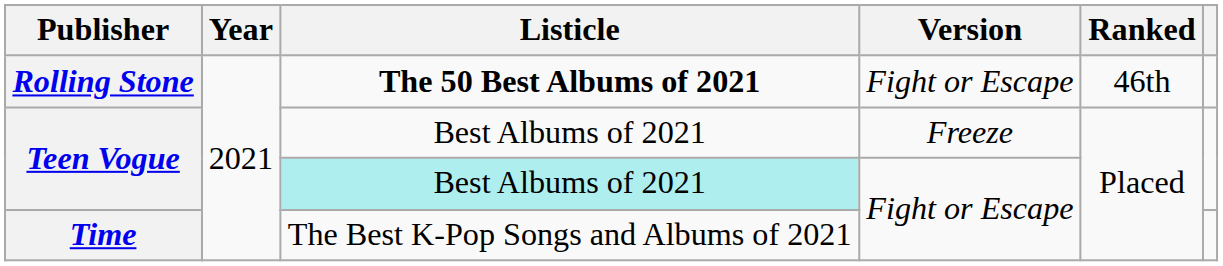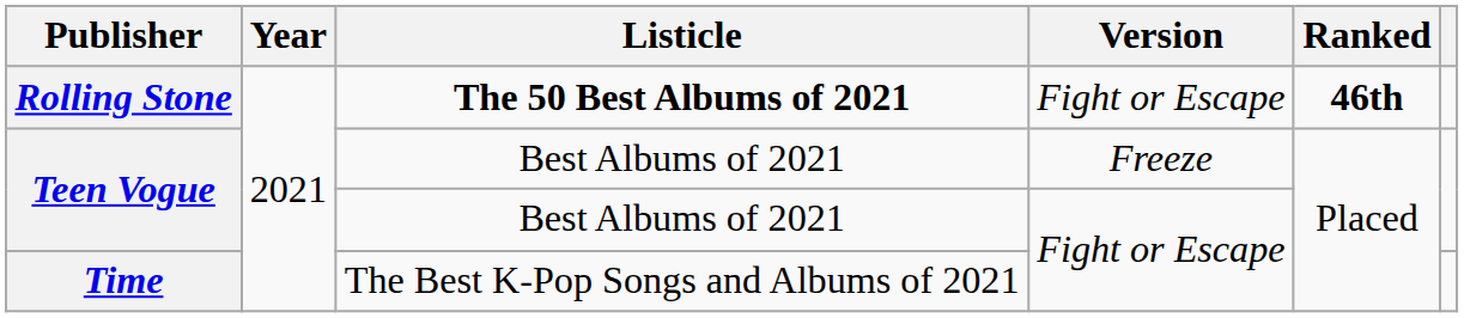 <table class="wikitable plainrowheaders sortable" style="text-align:center">
 <tr>
 <th scope="col">Publisher</th>
 <th scope="col">Year</th>
 <th scope="col">Listicle</th>
 <th scope="col">Version</th>
 <th scope="col">Ranked</th>
 <th scope="col" class="unsortable"></th>
 </tr>
 <tr>
 <th scope="row"><em><a href='#'>Rolling Stone</a></em></th>
 <td rowspan="4">2021</td>
 <td><strong>The 50 Best Albums of 2021</strong></td>
 <td><em>Fight or Escape</em></td>
-<td>46th</td>
+<td><strong>46th</strong></td>
 <td></td>
 </tr>
 <tr>
 <th scope="row" rowspan="2"><em><a href='#'>Teen Vogue</a></em></th>
 <td>Best Albums of 2021</td>
 <td><em>Freeze</em></td>
 <td rowspan="3">Placed</td>
 <td rowspan="2"></td>
 </tr>
 <tr>
-<td style="background: paleturquoise;">Best Albums of 2021</td>
+<td>Best Albums of 2021</td>
 <td rowspan="2"><em>Fight or Escape</em></td>
 </tr>
 <tr>
 <th scope="row"><em><a href='#'>Time</a></em></th>
 <td>The Best K-Pop Songs and Albums of 2021</td>
 <td></td>
 </tr>
 </table>
